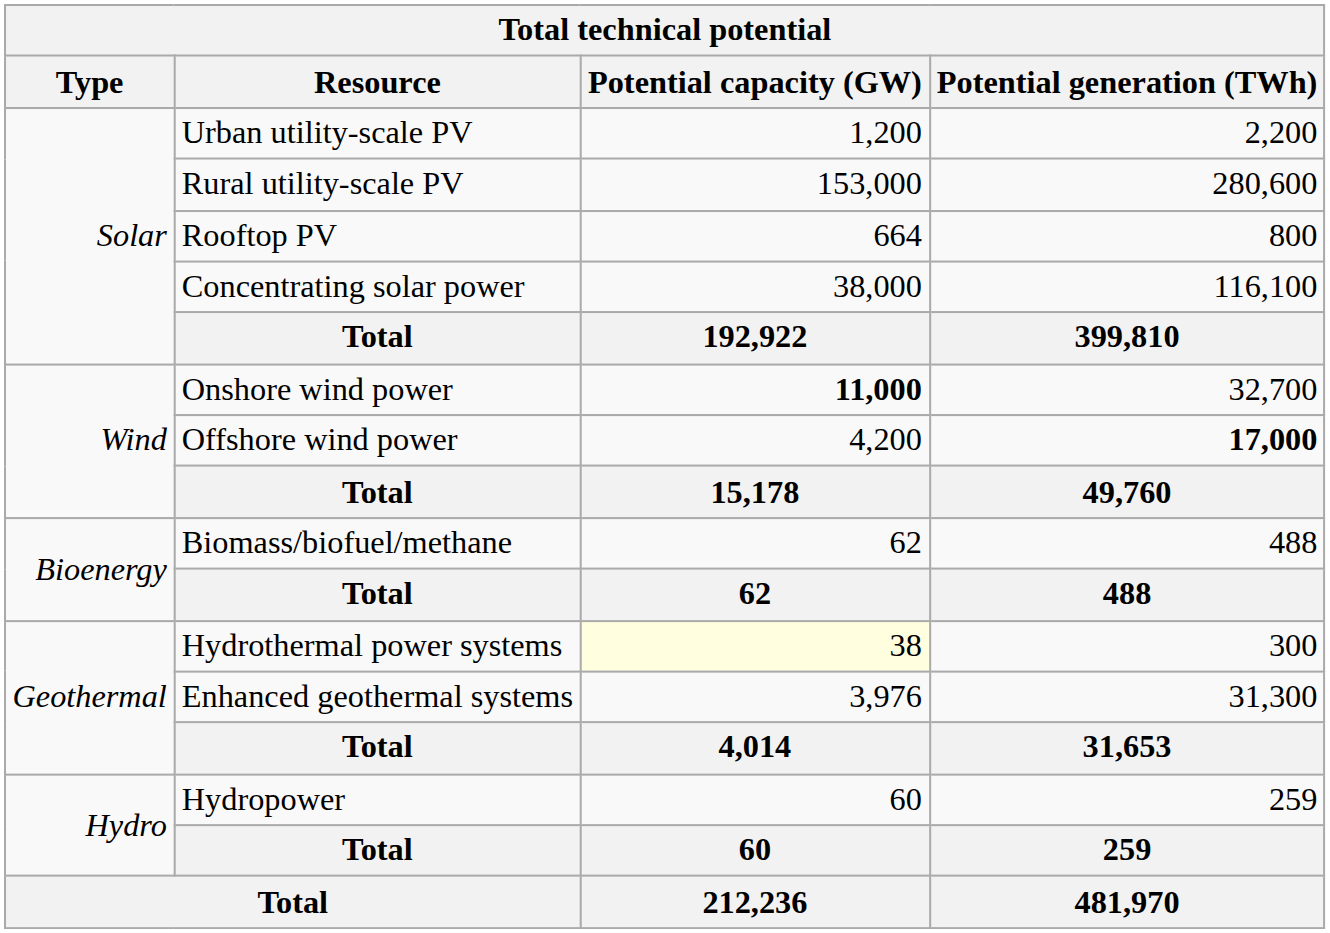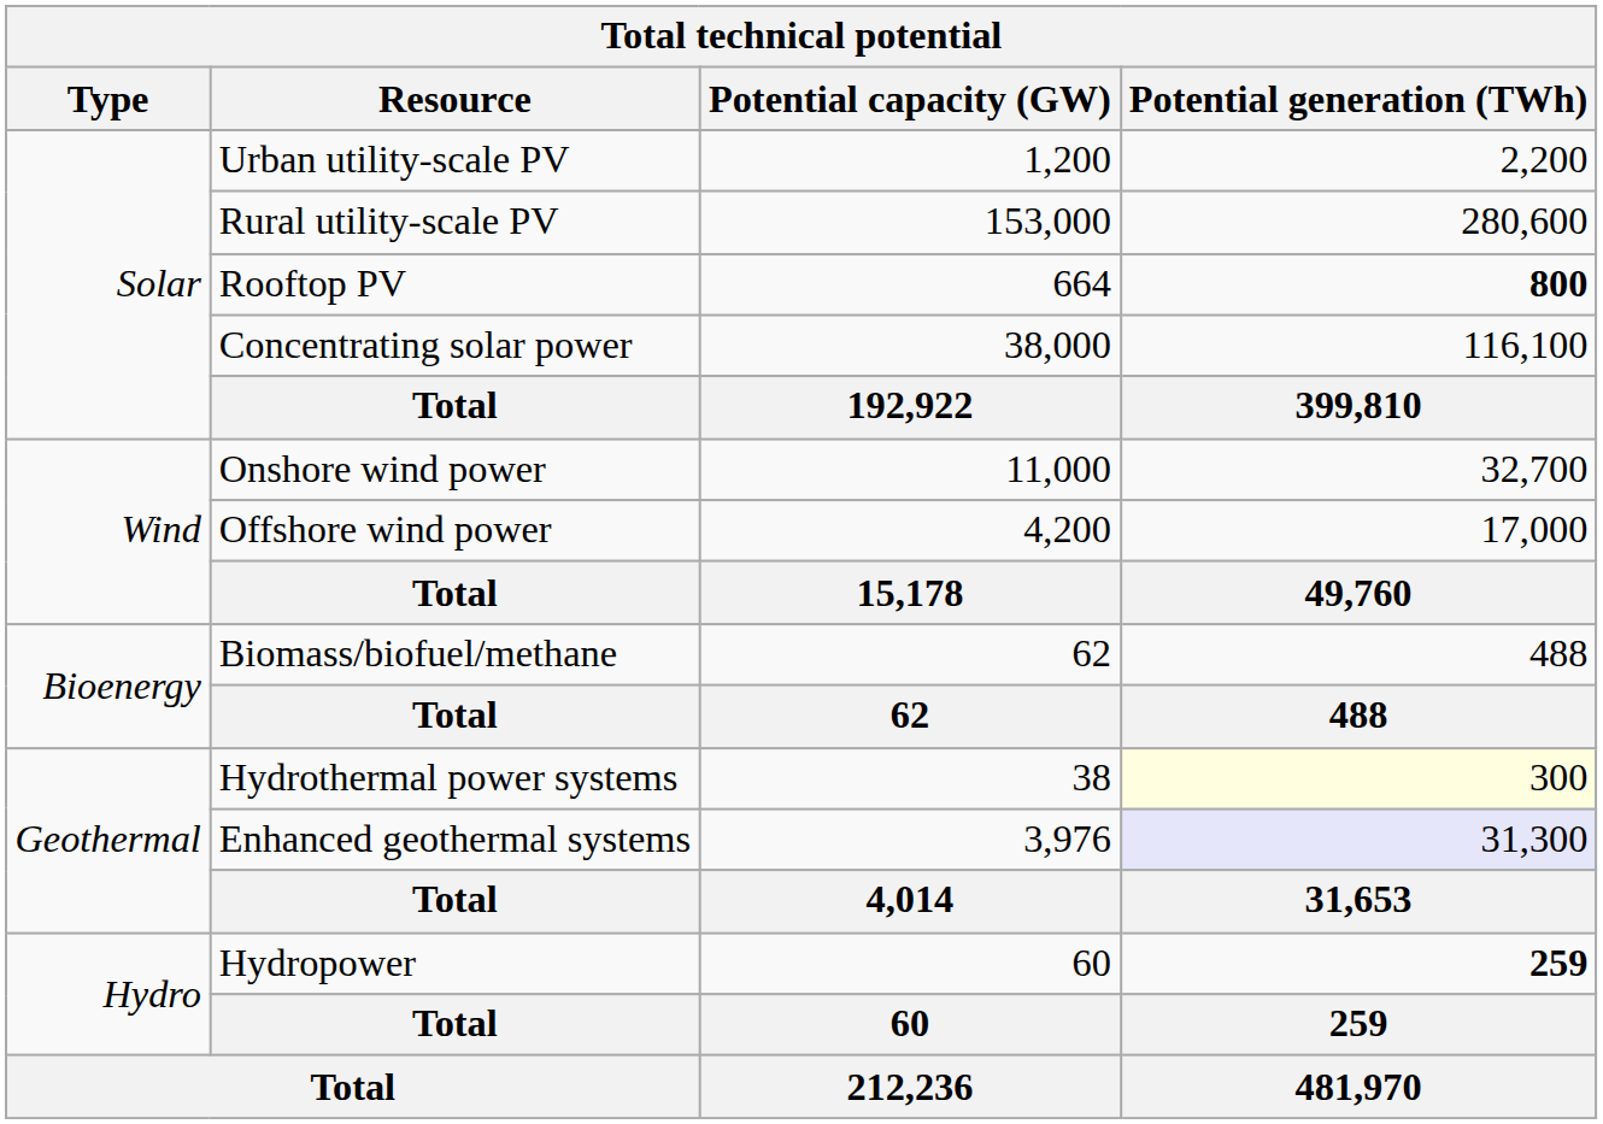 <table class="wikitable">
 <tr>
 <th colspan=4>Total technical potential</th>
 </tr>
 <tr>
 <th>Type</th>
 <th>Resource</th>
 <th>Potential capacity (GW)</th>
 <th>Potential generation (TWh)</th>
 </tr>
 <tr align=right>
 <td rowspan=5><em>Solar</em></td>
 <td align="left">Urban utility-scale PV</td>
 <td>1,200</td>
 <td>2,200</td>
 </tr>
 <tr align=right>
 <td align=left>Rural utility-scale PV</td>
 <td>153,000</td>
 <td>280,600</td>
 </tr>
 <tr align=right>
 <td align=left>Rooftop PV</td>
 <td>664</td>
-<td>800</td>
+<td><strong>800</strong></td>
 </tr>
 <tr align=right>
 <td align=left>Concentrating solar power</td>
 <td>38,000</td>
 <td>116,100</td>
 </tr>
 <tr align=right>
 <th>Total</th>
 <th>192,922</th>
 <th>399,810</th>
 </tr>
 <tr align=right>
 <td rowspan=3><em>Wind</em></td>
 <td align="left">Onshore wind power</td>
-<td><strong>11,000</strong></td>
+<td>11,000</td>
 <td>32,700</td>
 </tr>
 <tr align=right>
 <td align=left>Offshore wind power</td>
 <td>4,200</td>
-<td><strong>17,000</strong></td>
+<td>17,000</td>
 </tr>
 <tr align=right>
 <th>Total</th>
 <th>15,178</th>
 <th>49,760</th>
 </tr>
 <tr align=right>
 <td rowspan=2><em>Bioenergy</em></td>
 <td align="left">Biomass/biofuel/methane</td>
 <td>62</td>
 <td>488</td>
 </tr>
 <tr align=right>
 <th>Total</th>
 <th>62</th>
 <th>488</th>
 </tr>
 <tr align=right>
 <td rowspan=3><em>Geothermal</em></td>
 <td align="left">Hydrothermal power systems</td>
-<td style="background: lightyellow;">38</td>
-<td>300</td>
+<td>38</td>
+<td style="background: lightyellow;">300</td>
 </tr>
 <tr align=right>
 <td align=left>Enhanced geothermal systems</td>
 <td>3,976</td>
-<td>31,300</td>
+<td style="background: lavender;">31,300</td>
 </tr>
 <tr align=right>
 <th>Total</th>
 <th>4,014</th>
 <th>31,653</th>
 </tr>
 <tr align=right>
 <td rowspan=2><em>Hydro</em></td>
 <td align="left">Hydropower</td>
 <td>60</td>
-<td>259</td>
+<td><strong>259</strong></td>
 </tr>
 <tr align=right>
 <th>Total</th>
 <th>60</th>
 <th>259</th>
 </tr>
 <tr align=right>
 <th colspan=2>Total</th>
 <th>212,236</th>
 <th>481,970</th>
 </tr>
 </table>
